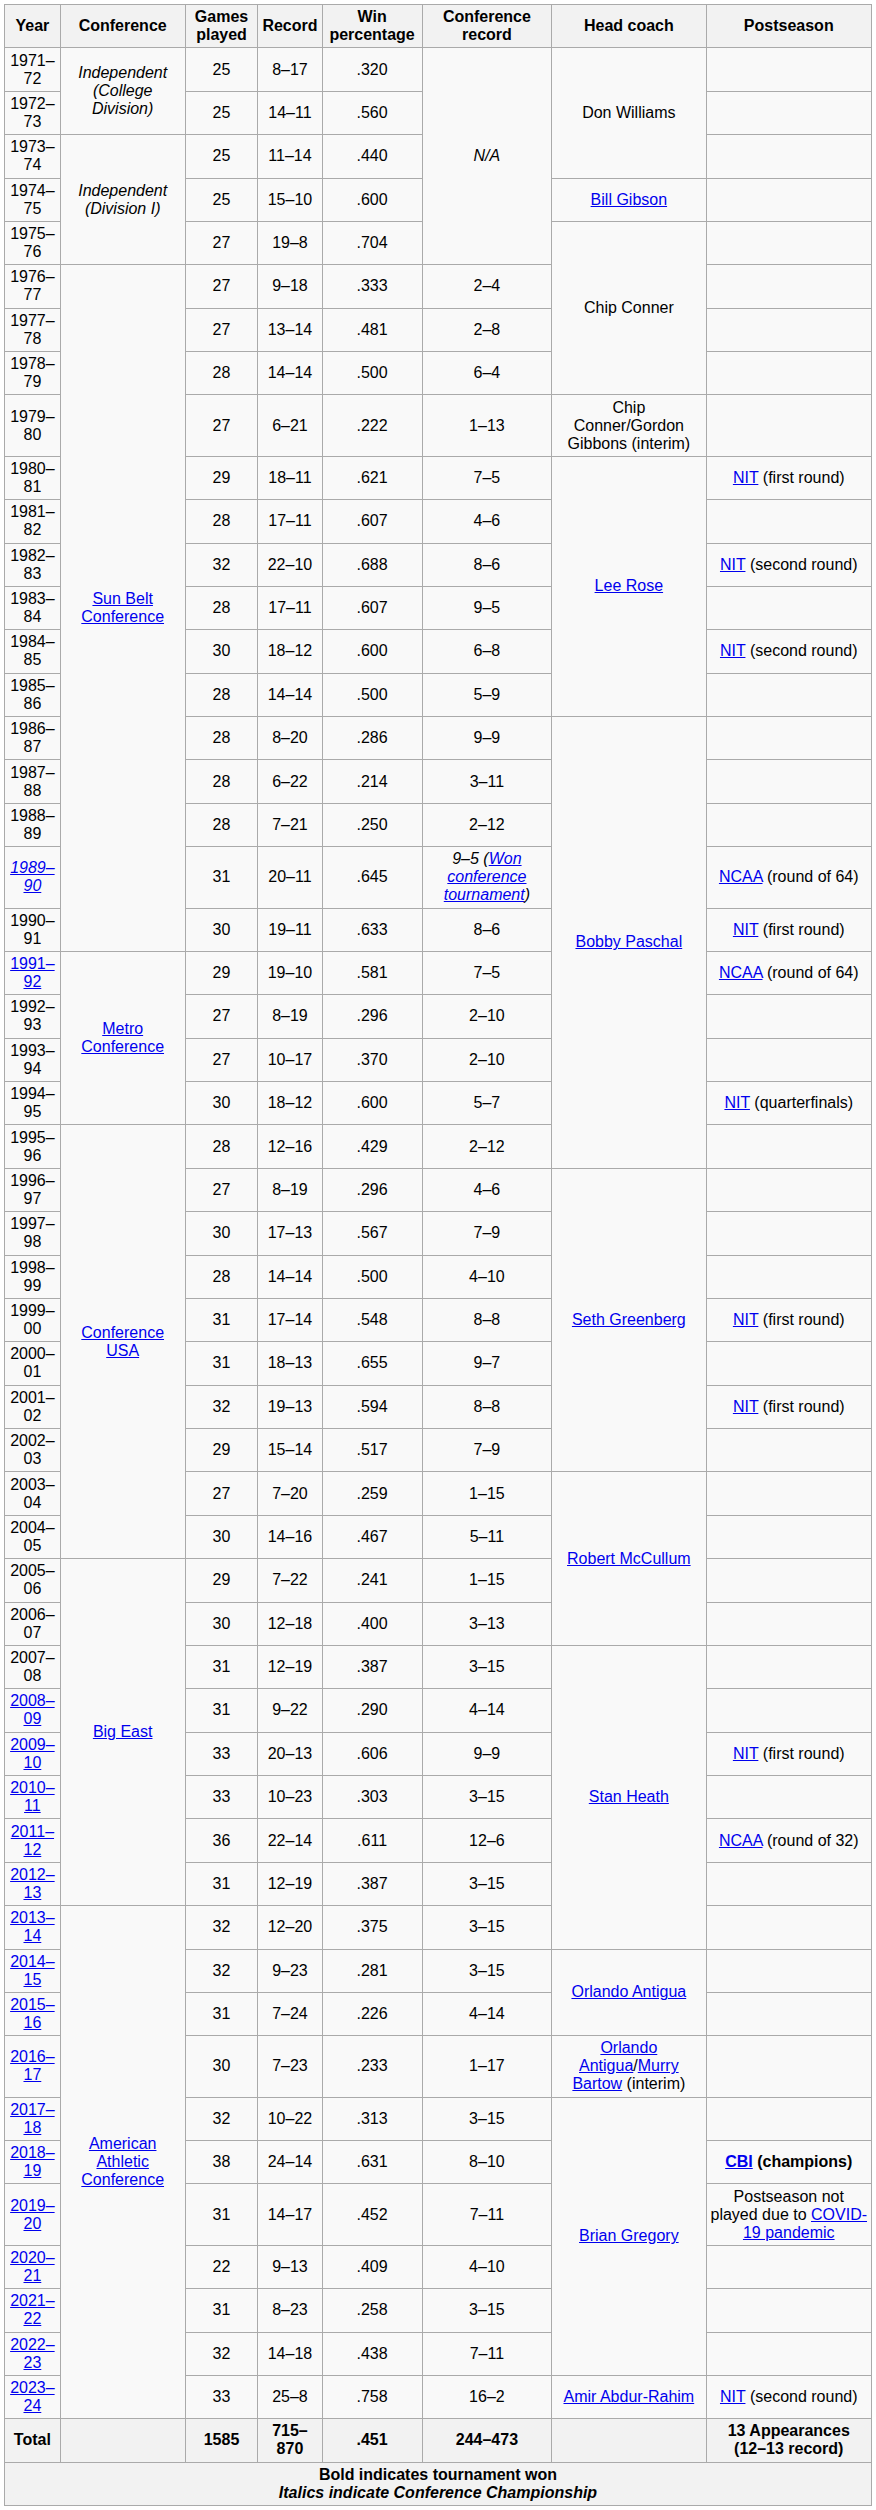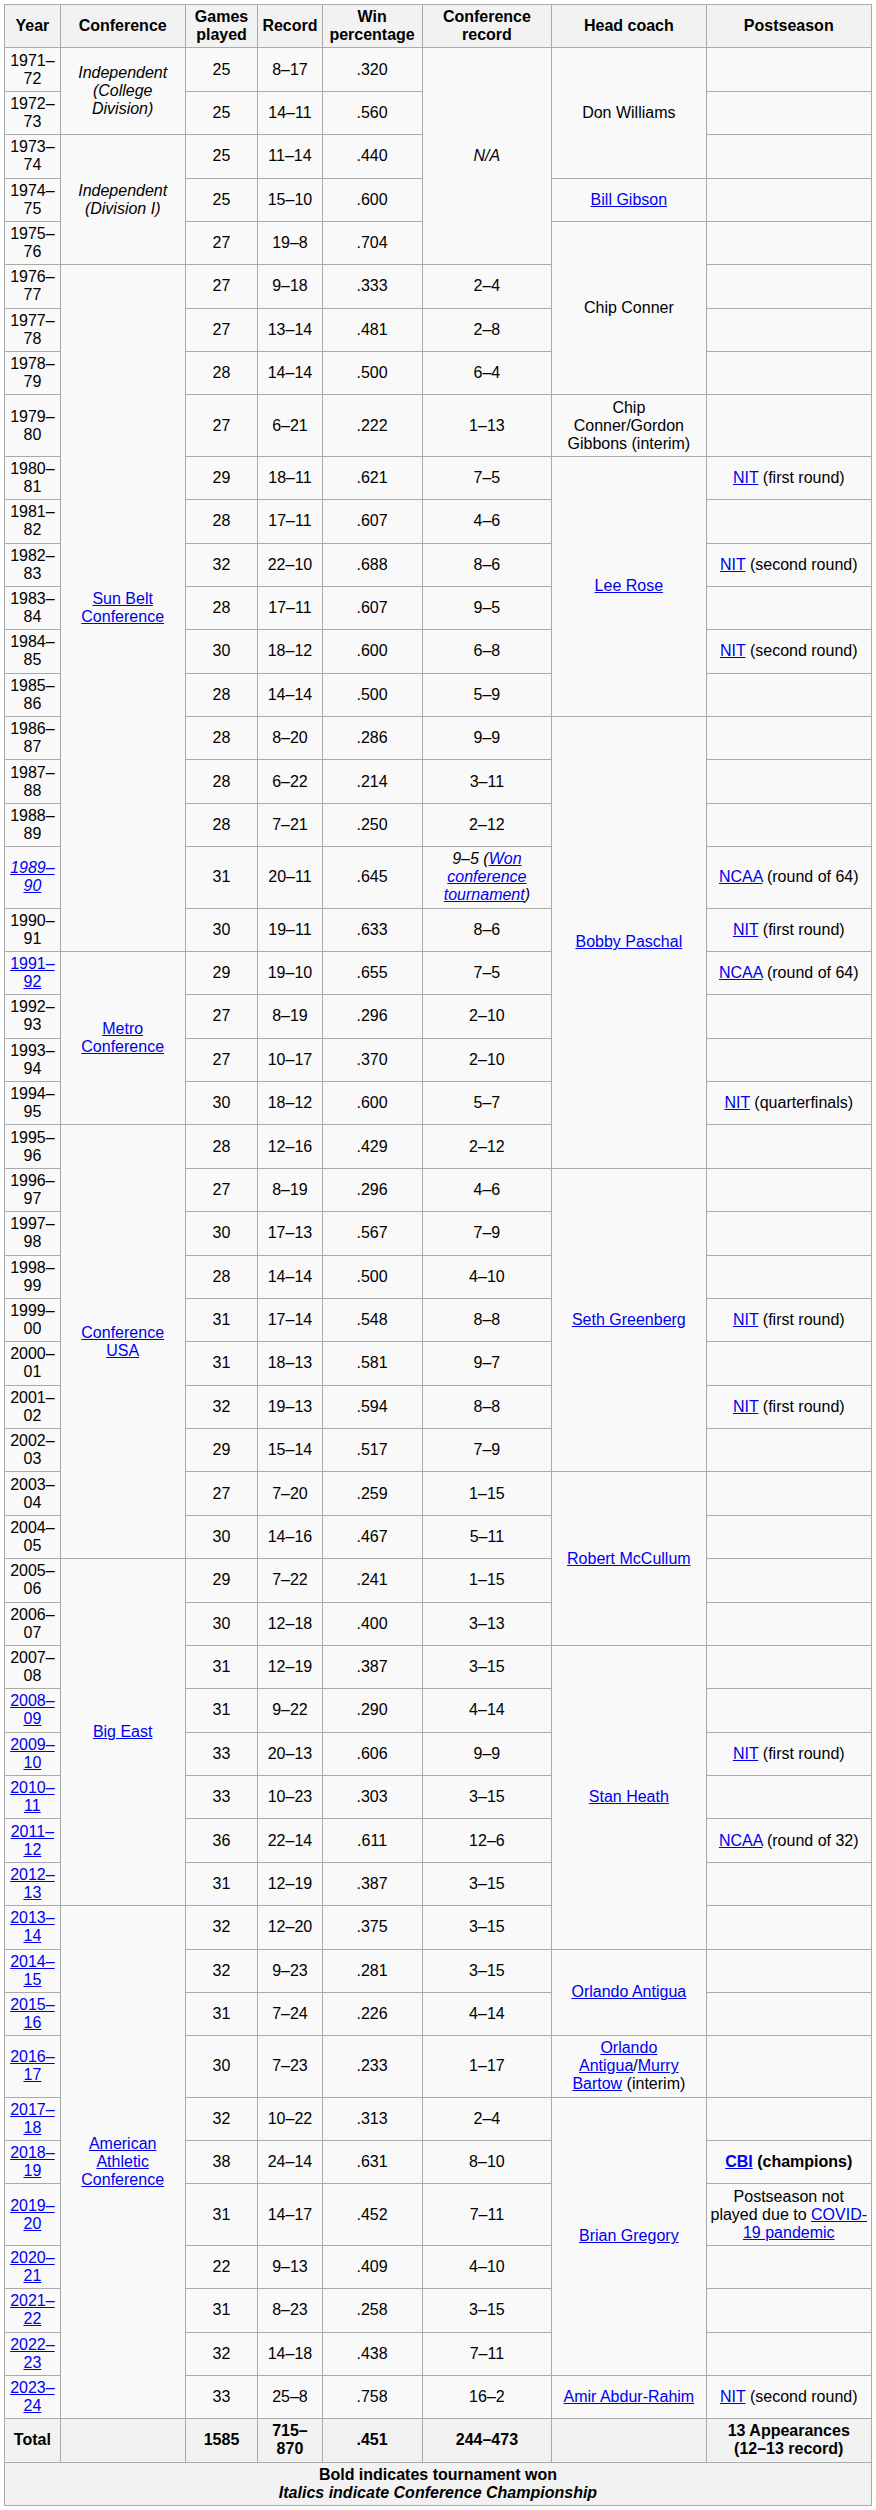 <table class="wikitable sortable" style="text-align:center;">
 <tr>
 <th style="text-align:center;">Year</th>
 <th style="text-align:center;">Conference</th>
 <th style="text-align:center;">Games played</th>
 <th style="text-align:center;">Record</th>
 <th style="text-align:center;">Win percentage</th>
 <th style="text-align:center;">Conference record</th>
 <th style="text-align:center;">Head coach</th>
 <th style="text-align:center;">Postseason</th>
 </tr>
 <tr>
 <td>1971–72</td>
 <td rowspan="2"><em>Independent (College Division)</em></td>
 <td>25</td>
 <td>8–17</td>
 <td>.320</td>
 <td rowspan="5"><em>N/A</em></td>
 <td rowspan="3">Don Williams</td>
 <td></td>
 </tr>
 <tr>
 <td>1972–73</td>
 <td>25</td>
 <td>14–11</td>
 <td>.560</td>
 <td></td>
 </tr>
 <tr>
 <td>1973–74</td>
 <td rowspan="3"><em>Independent (Division I)</em></td>
 <td>25</td>
 <td>11–14</td>
 <td>.440</td>
 <td></td>
 </tr>
 <tr>
 <td>1974–75</td>
 <td>25</td>
 <td>15–10</td>
 <td>.600</td>
 <td><a href='#'>Bill Gibson</a></td>
 <td></td>
 </tr>
 <tr>
 <td>1975–76</td>
 <td>27</td>
 <td>19–8</td>
 <td>.704</td>
 <td rowspan="4">Chip Conner</td>
 <td></td>
 </tr>
 <tr>
 <td>1976–77</td>
 <td rowspan="15"><a href='#'>Sun Belt Conference</a></td>
 <td>27</td>
 <td>9–18</td>
 <td>.333</td>
 <td>2–4</td>
 <td></td>
 </tr>
 <tr>
 <td>1977–78</td>
 <td>27</td>
 <td>13–14</td>
 <td>.481</td>
 <td>2–8</td>
 <td></td>
 </tr>
 <tr>
 <td>1978–79</td>
 <td>28</td>
 <td>14–14</td>
 <td>.500</td>
 <td>6–4</td>
 <td></td>
 </tr>
 <tr>
 <td>1979–80</td>
 <td>27</td>
 <td>6–21</td>
 <td>.222</td>
 <td>1–13</td>
 <td>Chip Conner/Gordon Gibbons (interim)</td>
 <td></td>
 </tr>
 <tr>
 <td>1980–81</td>
 <td>29</td>
 <td>18–11</td>
 <td>.621</td>
 <td>7–5</td>
 <td rowspan="6"><a href='#'>Lee Rose</a></td>
 <td><a href='#'>NIT</a> (first round)</td>
 </tr>
 <tr>
 <td>1981–82</td>
 <td>28</td>
 <td>17–11</td>
 <td>.607</td>
 <td>4–6</td>
 <td></td>
 </tr>
 <tr>
 <td>1982–83</td>
 <td>32</td>
 <td>22–10</td>
 <td>.688</td>
 <td>8–6</td>
 <td><a href='#'>NIT</a> (second round)</td>
 </tr>
 <tr>
 <td>1983–84</td>
 <td>28</td>
 <td>17–11</td>
 <td>.607</td>
 <td>9–5</td>
 <td></td>
 </tr>
 <tr>
 <td>1984–85</td>
 <td>30</td>
 <td>18–12</td>
 <td>.600</td>
 <td>6–8</td>
 <td><a href='#'>NIT</a> (second round)</td>
 </tr>
 <tr>
 <td>1985–86</td>
 <td>28</td>
 <td>14–14</td>
 <td>.500</td>
 <td>5–9</td>
 <td></td>
 </tr>
 <tr>
 <td>1986–87</td>
 <td>28</td>
 <td>8–20</td>
 <td>.286</td>
 <td>9–9</td>
 <td rowspan="10"><a href='#'>Bobby Paschal</a></td>
 <td></td>
 </tr>
 <tr>
 <td>1987–88</td>
 <td>28</td>
 <td>6–22</td>
 <td>.214</td>
 <td>3–11</td>
 <td></td>
 </tr>
 <tr>
 <td>1988–89</td>
 <td>28</td>
 <td>7–21</td>
 <td>.250</td>
 <td>2–12</td>
 <td></td>
 </tr>
 <tr>
 <td><em><a href='#'>1989–90</a></em></td>
 <td>31</td>
 <td>20–11</td>
 <td>.645</td>
 <td><em>9–5 (<a href='#'>Won conference tournament</a>)</em></td>
 <td><a href='#'>NCAA</a> (round of 64)</td>
 </tr>
 <tr>
 <td>1990–91</td>
 <td>30</td>
 <td>19–11</td>
 <td>.633</td>
 <td>8–6</td>
 <td><a href='#'>NIT</a> (first round)</td>
 </tr>
 <tr>
 <td><a href='#'>1991–92</a></td>
 <td rowspan="4"><a href='#'>Metro Conference</a></td>
 <td>29</td>
 <td>19–10</td>
-<td>.581</td>
+<td>.655</td>
 <td>7–5</td>
 <td><a href='#'>NCAA</a> (round of 64)</td>
 </tr>
 <tr>
 <td>1992–93</td>
 <td>27</td>
 <td>8–19</td>
 <td>.296</td>
 <td>2–10</td>
 <td></td>
 </tr>
 <tr>
 <td>1993–94</td>
 <td>27</td>
 <td>10–17</td>
 <td>.370</td>
 <td>2–10</td>
 <td></td>
 </tr>
 <tr>
 <td>1994–95</td>
 <td>30</td>
 <td>18–12</td>
 <td>.600</td>
 <td>5–7</td>
 <td><a href='#'>NIT</a> (quarterfinals)</td>
 </tr>
 <tr>
 <td>1995–96</td>
 <td rowspan="10"><a href='#'>Conference USA</a></td>
 <td>28</td>
 <td>12–16</td>
 <td>.429</td>
 <td>2–12</td>
 <td></td>
 </tr>
 <tr>
 <td>1996–97</td>
 <td>27</td>
 <td>8–19</td>
 <td>.296</td>
 <td>4–6</td>
 <td rowspan="7"><a href='#'>Seth Greenberg</a></td>
 <td></td>
 </tr>
 <tr>
 <td>1997–98</td>
 <td>30</td>
 <td>17–13</td>
 <td>.567</td>
 <td>7–9</td>
 <td></td>
 </tr>
 <tr>
 <td>1998–99</td>
 <td>28</td>
 <td>14–14</td>
 <td>.500</td>
 <td>4–10</td>
 <td></td>
 </tr>
 <tr>
 <td>1999–00</td>
 <td>31</td>
 <td>17–14</td>
 <td>.548</td>
 <td>8–8</td>
 <td><a href='#'>NIT</a> (first round)</td>
 </tr>
 <tr>
 <td>2000–01</td>
 <td>31</td>
 <td>18–13</td>
-<td>.655</td>
+<td>.581</td>
 <td>9–7</td>
 <td></td>
 </tr>
 <tr>
 <td>2001–02</td>
 <td>32</td>
 <td>19–13</td>
 <td>.594</td>
 <td>8–8</td>
 <td><a href='#'>NIT</a> (first round)</td>
 </tr>
 <tr>
 <td>2002–03</td>
 <td>29</td>
 <td>15–14</td>
 <td>.517</td>
 <td>7–9</td>
 <td></td>
 </tr>
 <tr>
 <td>2003–04</td>
 <td>27</td>
 <td>7–20</td>
 <td>.259</td>
 <td>1–15</td>
 <td rowspan="4"><a href='#'>Robert McCullum</a></td>
 <td></td>
 </tr>
 <tr>
 <td>2004–05</td>
 <td>30</td>
 <td>14–16</td>
 <td>.467</td>
 <td>5–11</td>
 <td></td>
 </tr>
 <tr>
 <td>2005–06</td>
 <td rowspan="8"><a href='#'>Big East</a></td>
 <td>29</td>
 <td>7–22</td>
 <td>.241</td>
 <td>1–15</td>
 <td></td>
 </tr>
 <tr>
 <td>2006–07</td>
 <td>30</td>
 <td>12–18</td>
 <td>.400</td>
 <td>3–13</td>
 <td></td>
 </tr>
 <tr>
 <td>2007–08</td>
 <td>31</td>
 <td>12–19</td>
 <td>.387</td>
 <td>3–15</td>
 <td rowspan="7"><a href='#'>Stan Heath</a></td>
 <td></td>
 </tr>
 <tr>
 <td><a href='#'>2008–09</a></td>
 <td>31</td>
 <td>9–22</td>
 <td>.290</td>
 <td>4–14</td>
 <td></td>
 </tr>
 <tr>
 <td><a href='#'>2009–10</a></td>
 <td>33</td>
 <td>20–13</td>
 <td>.606</td>
 <td>9–9</td>
 <td><a href='#'>NIT</a> (first round)</td>
 </tr>
 <tr>
 <td><a href='#'>2010–11</a></td>
 <td>33</td>
 <td>10–23</td>
 <td>.303</td>
 <td>3–15</td>
 <td></td>
 </tr>
 <tr>
 <td><a href='#'>2011–12</a></td>
 <td>36</td>
 <td>22–14</td>
 <td>.611</td>
 <td>12–6</td>
 <td><a href='#'>NCAA</a> (round of 32)</td>
 </tr>
 <tr>
 <td><a href='#'>2012–13</a></td>
 <td>31</td>
 <td>12–19</td>
 <td>.387</td>
 <td>3–15</td>
 <td></td>
 </tr>
 <tr>
 <td><a href='#'>2013–14</a></td>
 <td rowspan="11"><a href='#'>American Athletic Conference</a></td>
 <td>32</td>
 <td>12–20</td>
 <td>.375</td>
 <td>3–15</td>
 <td></td>
 </tr>
 <tr>
 <td><a href='#'>2014–15</a></td>
 <td>32</td>
 <td>9–23</td>
 <td>.281</td>
 <td>3–15</td>
 <td rowspan="2"><a href='#'>Orlando Antigua</a></td>
 <td></td>
 </tr>
 <tr>
 <td><a href='#'>2015–16</a></td>
 <td>31</td>
 <td>7–24</td>
 <td>.226</td>
 <td>4–14</td>
 <td></td>
 </tr>
 <tr>
 <td><a href='#'>2016–17</a></td>
 <td>30</td>
 <td>7–23</td>
 <td>.233</td>
 <td>1–17</td>
 <td><a href='#'>Orlando Antigua</a>/<a href='#'>Murry Bartow</a> (interim)</td>
 <td></td>
 </tr>
 <tr>
 <td><a href='#'>2017–18</a></td>
 <td>32</td>
 <td>10–22</td>
 <td>.313</td>
-<td>3–15</td>
+<td>2–4</td>
 <td rowspan="6"><a href='#'>Brian Gregory</a></td>
 <td></td>
 </tr>
 <tr>
 <td><a href='#'>2018–19</a></td>
 <td>38</td>
 <td>24–14</td>
 <td>.631</td>
 <td>8–10</td>
 <td><strong><a href='#'>CBI</a> (champions)</strong></td>
 </tr>
 <tr>
 <td><a href='#'>2019–20</a></td>
 <td>31</td>
 <td>14–17</td>
 <td>.452</td>
 <td>7–11</td>
 <td style="text-align: center;">Postseason not played due to <a href='#'>COVID-19 pandemic</a></td>
 </tr>
 <tr>
 <td><a href='#'>2020–21</a></td>
 <td>22</td>
 <td>9–13</td>
 <td>.409</td>
 <td>4–10</td>
 <td></td>
 </tr>
 <tr>
 <td><a href='#'>2021–22</a></td>
 <td>31</td>
 <td>8–23</td>
 <td>.258</td>
 <td>3–15</td>
 <td></td>
 </tr>
 <tr>
 <td><a href='#'>2022–23</a></td>
 <td>32</td>
 <td>14–18</td>
 <td>.438</td>
 <td>7–11</td>
 <td></td>
 </tr>
 <tr>
 <td><a href='#'>2023–24</a></td>
 <td>33</td>
 <td>25–8</td>
 <td>.758</td>
 <td>16–2</td>
 <td><a href='#'>Amir Abdur-Rahim</a></td>
 <td><a href='#'>NIT</a> (second round)</td>
 </tr>
 <tr>
 <th style="text-align:center;">Total</th>
 <th style="text-align:center;"></th>
 <th style="text-align:center;">1585</th>
 <th style="text-align:center;">715–870</th>
 <th style="text-align:center;">.451</th>
 <th style="text-align:center;">244–473</th>
 <th style="text-align:center;"></th>
 <th style="text-align:center;">13 Appearances (12–13 record)</th>
 </tr>
 <tr>
 <th colspan="8" style="text-align:center;"><strong>Bold indicates tournament won</strong><br><strong><em>Italics indicate Conference Championship</em></strong></th>
 </tr>
 </table>
